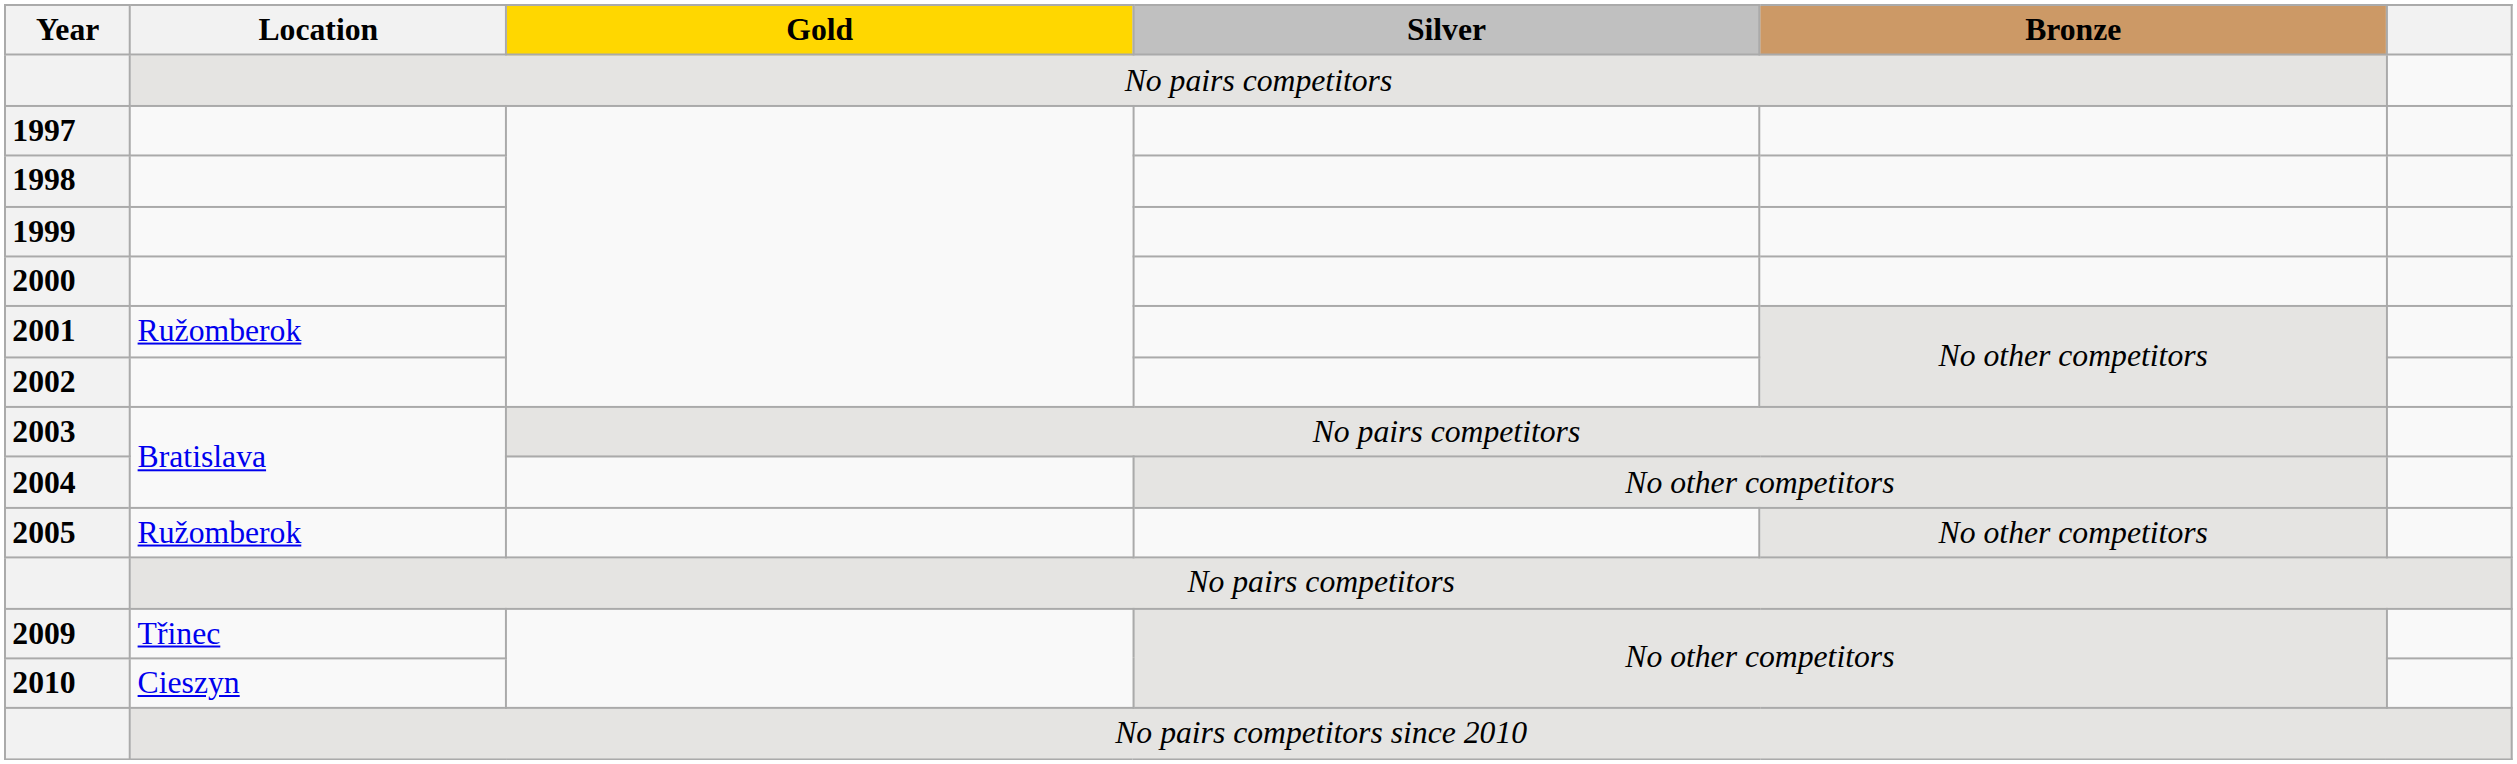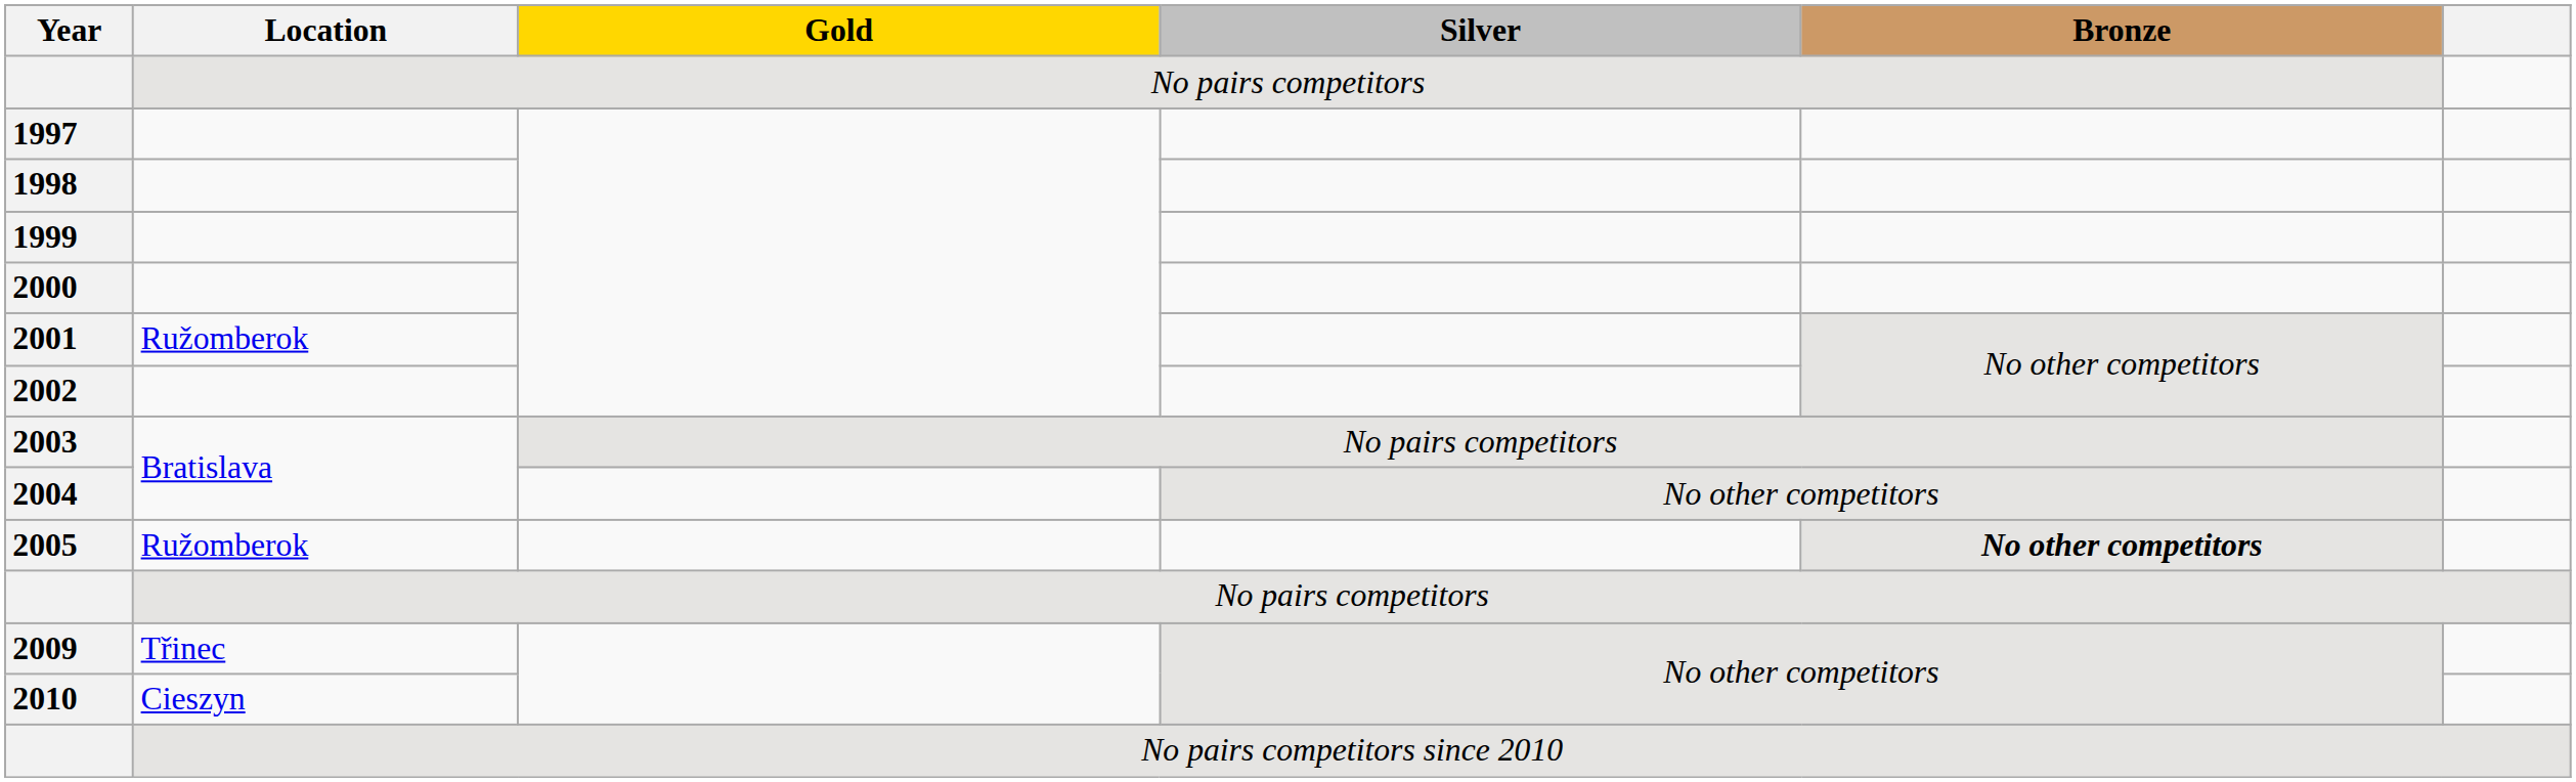 <table class="wikitable unsortable" style="text-align:left; width:80%">
 <tr>
 <th scope="col" style="text-align:center; width:5%">Year</th>
 <th scope="col" style="text-align:center; width:15%">Location</th>
 <th scope="col" style="text-align:center; width:25%; background:gold">Gold</th>
 <th scope="col" style="text-align:center; width:25%; background:silver">Silver</th>
 <th scope="col" style="text-align:center; width:25%; background:#c96">Bronze</th>
 <th scope="col" style="text-align:center; width:5%"></th>
 </tr>
 <tr>
 <th scope="row" style="text-align:left"></th>
 <td colspan="4" align="center" bgcolor="e5e4e2"><em>No pairs competitors</em></td>
 <td></td>
 </tr>
 <tr>
 <th scope="row" style="text-align:left">1997</th>
 <td></td>
 <td rowspan="6"></td>
 <td></td>
 <td></td>
 <td></td>
 </tr>
 <tr>
 <th scope="row" style="text-align:left">1998</th>
 <td></td>
 <td></td>
 <td></td>
 <td></td>
 </tr>
 <tr>
 <th scope="row" style="text-align:left">1999</th>
 <td></td>
 <td></td>
 <td></td>
 <td></td>
 </tr>
 <tr>
 <th scope="row" style="text-align:left">2000</th>
 <td></td>
 <td></td>
 <td></td>
 <td></td>
 </tr>
 <tr>
 <th scope="row" style="text-align:left">2001</th>
 <td><a href='#'>Ružomberok</a></td>
 <td></td>
 <td rowspan="2" align="center" bgcolor="e5e4e2"><em>No other competitors</em></td>
 <td></td>
 </tr>
 <tr>
 <th scope="row" style="text-align:left">2002</th>
 <td></td>
 <td></td>
 <td></td>
 </tr>
 <tr>
 <th scope="row" style="text-align:left">2003</th>
 <td rowspan="2"><a href='#'>Bratislava</a></td>
 <td colspan="3" align="center" bgcolor="e5e4e2"><em>No pairs competitors</em></td>
 <td></td>
 </tr>
 <tr>
 <th scope="row" style="text-align:left">2004</th>
 <td></td>
 <td colspan="2" align="center" bgcolor="e5e4e2"><em>No other competitors</em></td>
 <td></td>
 </tr>
 <tr>
 <th scope="row" style="text-align:left">2005</th>
 <td><a href='#'>Ružomberok</a></td>
 <td></td>
 <td></td>
-<td align="center" bgcolor="e5e4e2"><em>No other competitors</em></td>
+<td align="center" bgcolor="e5e4e2"><strong><em>No other competitors</em></strong></td>
 <td></td>
 </tr>
 <tr>
 <th scope="row" style="text-align:left"></th>
 <td colspan="5" align="center" bgcolor="e5e4e2"><em>No pairs competitors</em></td>
 </tr>
 <tr>
 <th scope="row" style="text-align:left">2009</th>
 <td> <a href='#'>Třinec</a></td>
 <td rowspan="2"></td>
 <td colspan="2" rowspan="2" align="center" bgcolor="e5e4e2"><em>No other competitors</em></td>
 <td></td>
 </tr>
 <tr>
 <th scope="row" style="text-align:left">2010</th>
 <td> <a href='#'>Cieszyn</a></td>
 <td></td>
 </tr>
 <tr>
 <th scope="row" style="text-align:left"></th>
 <td colspan="5" align="center" bgcolor="e5e4e2"><em>No pairs competitors since 2010</em></td>
 </tr>
 </table>
